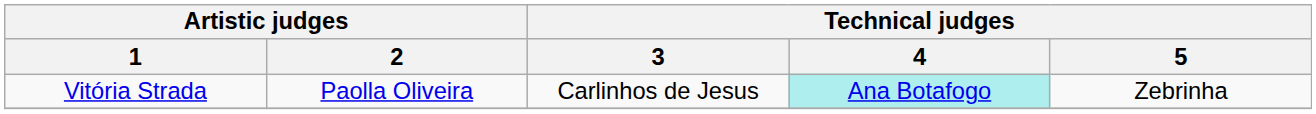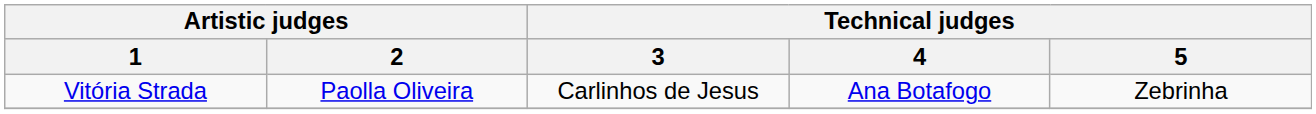 <table class="wikitable" style="font-size:100%; line-height:16px; text-align:center" width="100%">
 <tr>
 <th colspan=2>Artistic judges</th>
 <th colspan=3>Technical judges</th>
 </tr>
 <tr>
 <th width="20.0%">1</th>
 <th width="20.0%">2</th>
 <th width="20.0%">3</th>
 <th width="20.0%">4</th>
 <th width="20.0%">5</th>
 </tr>
 <tr>
 <td><a href='#'>Vitória Strada</a></td>
 <td><a href='#'>Paolla Oliveira</a></td>
 <td>Carlinhos de Jesus</td>
-<td style="background: paleturquoise;"><a href='#'>Ana Botafogo</a></td>
+<td><a href='#'>Ana Botafogo</a></td>
 <td>Zebrinha</td>
 </tr>
 <tr>
 </tr>
 </table>
